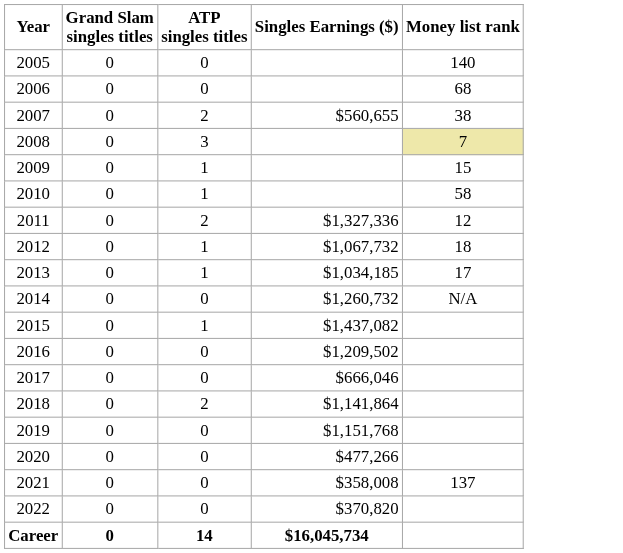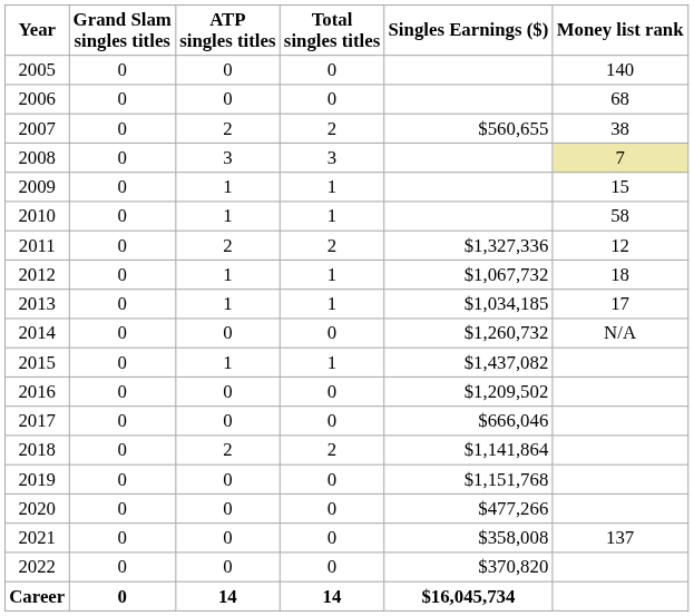 <table cellpadding=3 cellspacing=0 border=1 style=font-align:centre;border:#aaa;solid:1;border-collapse:collapse;text-align:center>
 <tr>
 <th>Year</th>
 <th>Grand Slam<br>singles titles</th>
 <th>ATP <br>singles titles</th>
+<th>Total<br>singles titles</th>
 <th>Singles Earnings ($)</th>
 <th>Money list rank</th>
 </tr>
 <tr>
 <td>2005</td>
+<td>0</td>
 <td>0</td>
 <td>0</td>
 <td align=right></td>
 <td>140</td>
 </tr>
 <tr>
 <td>2006</td>
 <td>0</td>
 <td>0</td>
+<td>0</td>
 <td align=right></td>
 <td>68</td>
 </tr>
 <tr>
 <td>2007</td>
 <td>0</td>
+<td>2</td>
 <td>2</td>
 <td align=right>$560,655</td>
 <td>38</td>
 </tr>
 <tr>
 <td>2008</td>
 <td>0</td>
 <td>3</td>
+<td>3</td>
 <td align=right></td>
 <td bgcolor=eee8AA>7</td>
 </tr>
 <tr>
 <td>2009</td>
 <td>0</td>
+<td>1</td>
 <td>1</td>
 <td align=right></td>
 <td>15</td>
 </tr>
 <tr>
 <td>2010</td>
 <td>0</td>
 <td>1</td>
+<td>1</td>
 <td align=right></td>
 <td>58</td>
 </tr>
 <tr>
 <td>2011</td>
 <td>0</td>
+<td>2</td>
 <td>2</td>
 <td align=right>$1,327,336</td>
 <td>12</td>
 </tr>
 <tr>
 <td>2012</td>
 <td>0</td>
 <td>1</td>
+<td>1</td>
 <td align=right>$1,067,732</td>
 <td>18</td>
 </tr>
 <tr>
 <td>2013</td>
 <td>0</td>
 <td>1</td>
+<td>1</td>
 <td align=right>$1,034,185</td>
 <td>17</td>
 </tr>
 <tr>
 <td>2014</td>
+<td>0</td>
 <td>0</td>
 <td>0</td>
 <td align=right>$1,260,732</td>
 <td>N/A</td>
 </tr>
 <tr>
 <td>2015</td>
 <td>0</td>
 <td>1</td>
+<td>1</td>
 <td align=right>$1,437,082</td>
 <td></td>
 </tr>
 <tr>
 <td>2016</td>
+<td>0</td>
 <td>0</td>
 <td>0</td>
 <td align=right>$1,209,502</td>
 <td></td>
 </tr>
 <tr>
 <td>2017</td>
 <td>0</td>
 <td>0</td>
+<td>0</td>
 <td align=right>$666,046</td>
 <td></td>
 </tr>
 <tr>
 <td>2018</td>
 <td>0</td>
 <td>2</td>
+<td>2</td>
 <td align=right>$1,141,864</td>
 <td></td>
 </tr>
 <tr>
 <td>2019</td>
+<td>0</td>
 <td>0</td>
 <td>0</td>
 <td align=right>$1,151,768</td>
 <td></td>
 </tr>
 <tr>
 <td>2020</td>
 <td>0</td>
 <td>0</td>
+<td>0</td>
 <td align=right>$477,266</td>
 <td></td>
 </tr>
 <tr>
 <td>2021</td>
+<td>0</td>
 <td>0</td>
 <td>0</td>
 <td align=right>$358,008</td>
 <td>137</td>
 </tr>
 <tr>
 <td>2022</td>
 <td>0</td>
 <td>0</td>
+<td>0</td>
 <td align=right>$370,820</td>
 <td></td>
 </tr>
 <tr>
 <th>Career</th>
 <th>0</th>
 <th>14</th>
+<th>14</th>
 <th>$16,045,734</th>
 <th></th>
 </tr>
 </table>
